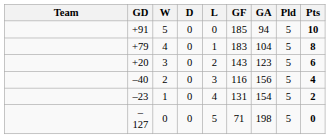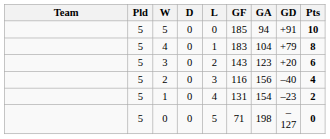 <table class="wikitable" style="text-align: center;">
 <tr>
 <th width="180">Team</th>
-<th width="30">GD</th>
+<th width="30">Pld</th>
 <th width="30">W</th>
 <th width="30">D</th>
 <th width="30">L</th>
 <th width="30">GF</th>
 <th width="30">GA</th>
-<th width="30">Pld</th>
+<th width="30">GD</th>
 <th width="30">Pts</th>
 </tr>
 <tr>
 <td align="left"></td>
-<td>+91</td>
+<td>5</td>
 <td>5</td>
 <td>0</td>
 <td>0</td>
 <td>185</td>
 <td>94</td>
-<td>5</td>
+<td>+91</td>
 <td><strong>10</strong></td>
 </tr>
 <tr>
 <td align="left"></td>
-<td>+79</td>
+<td>5</td>
 <td>4</td>
 <td>0</td>
 <td>1</td>
 <td>183</td>
 <td>104</td>
-<td>5</td>
+<td>+79</td>
 <td><strong>8</strong></td>
 </tr>
 <tr>
 <td align="left"></td>
-<td>+20</td>
+<td>5</td>
 <td>3</td>
 <td>0</td>
 <td>2</td>
 <td>143</td>
 <td>123</td>
-<td>5</td>
+<td>+20</td>
 <td><strong>6</strong></td>
 </tr>
 <tr>
 <td align="left"></td>
-<td>–40</td>
+<td>5</td>
 <td>2</td>
 <td>0</td>
 <td>3</td>
 <td>116</td>
 <td>156</td>
-<td>5</td>
+<td>–40</td>
 <td><strong>4</strong></td>
 </tr>
 <tr>
 <td align="left"></td>
-<td>–23</td>
+<td>5</td>
 <td>1</td>
 <td>0</td>
 <td>4</td>
 <td>131</td>
 <td>154</td>
-<td>5</td>
+<td>–23</td>
 <td><strong>2</strong></td>
 </tr>
 <tr>
 <td align="left"></td>
-<td>–127</td>
+<td>5</td>
 <td>0</td>
 <td>0</td>
 <td>5</td>
 <td>71</td>
 <td>198</td>
-<td>5</td>
+<td>–127</td>
 <td><strong>0</strong></td>
 </tr>
 </table>
